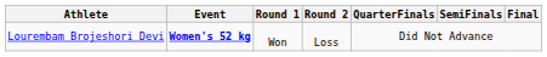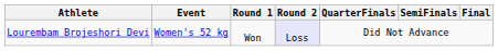 <table class="wikitable" style="text-align:center">
 <tr>
 <th>Athlete</th>
 <th>Event</th>
 <th>Round 1</th>
 <th>Round 2</th>
 <th>QuarterFinals</th>
 <th>SemiFinals</th>
 <th>Final</th>
 </tr>
 <tr>
 <td align= left><a href='#'>Lourembam Brojeshori Devi</a></td>
-<td align= left><strong><a href='#'>Women's 52 kg</a></strong></td>
+<td align= left><a href='#'>Women's 52 kg</a></td>
 <td><br>Won</td>
-<td><br>Loss</td>
+<td style="background: lavender;"><br>Loss</td>
 <td colspan="3">Did Not Advance</td>
 </tr>
 </table>
